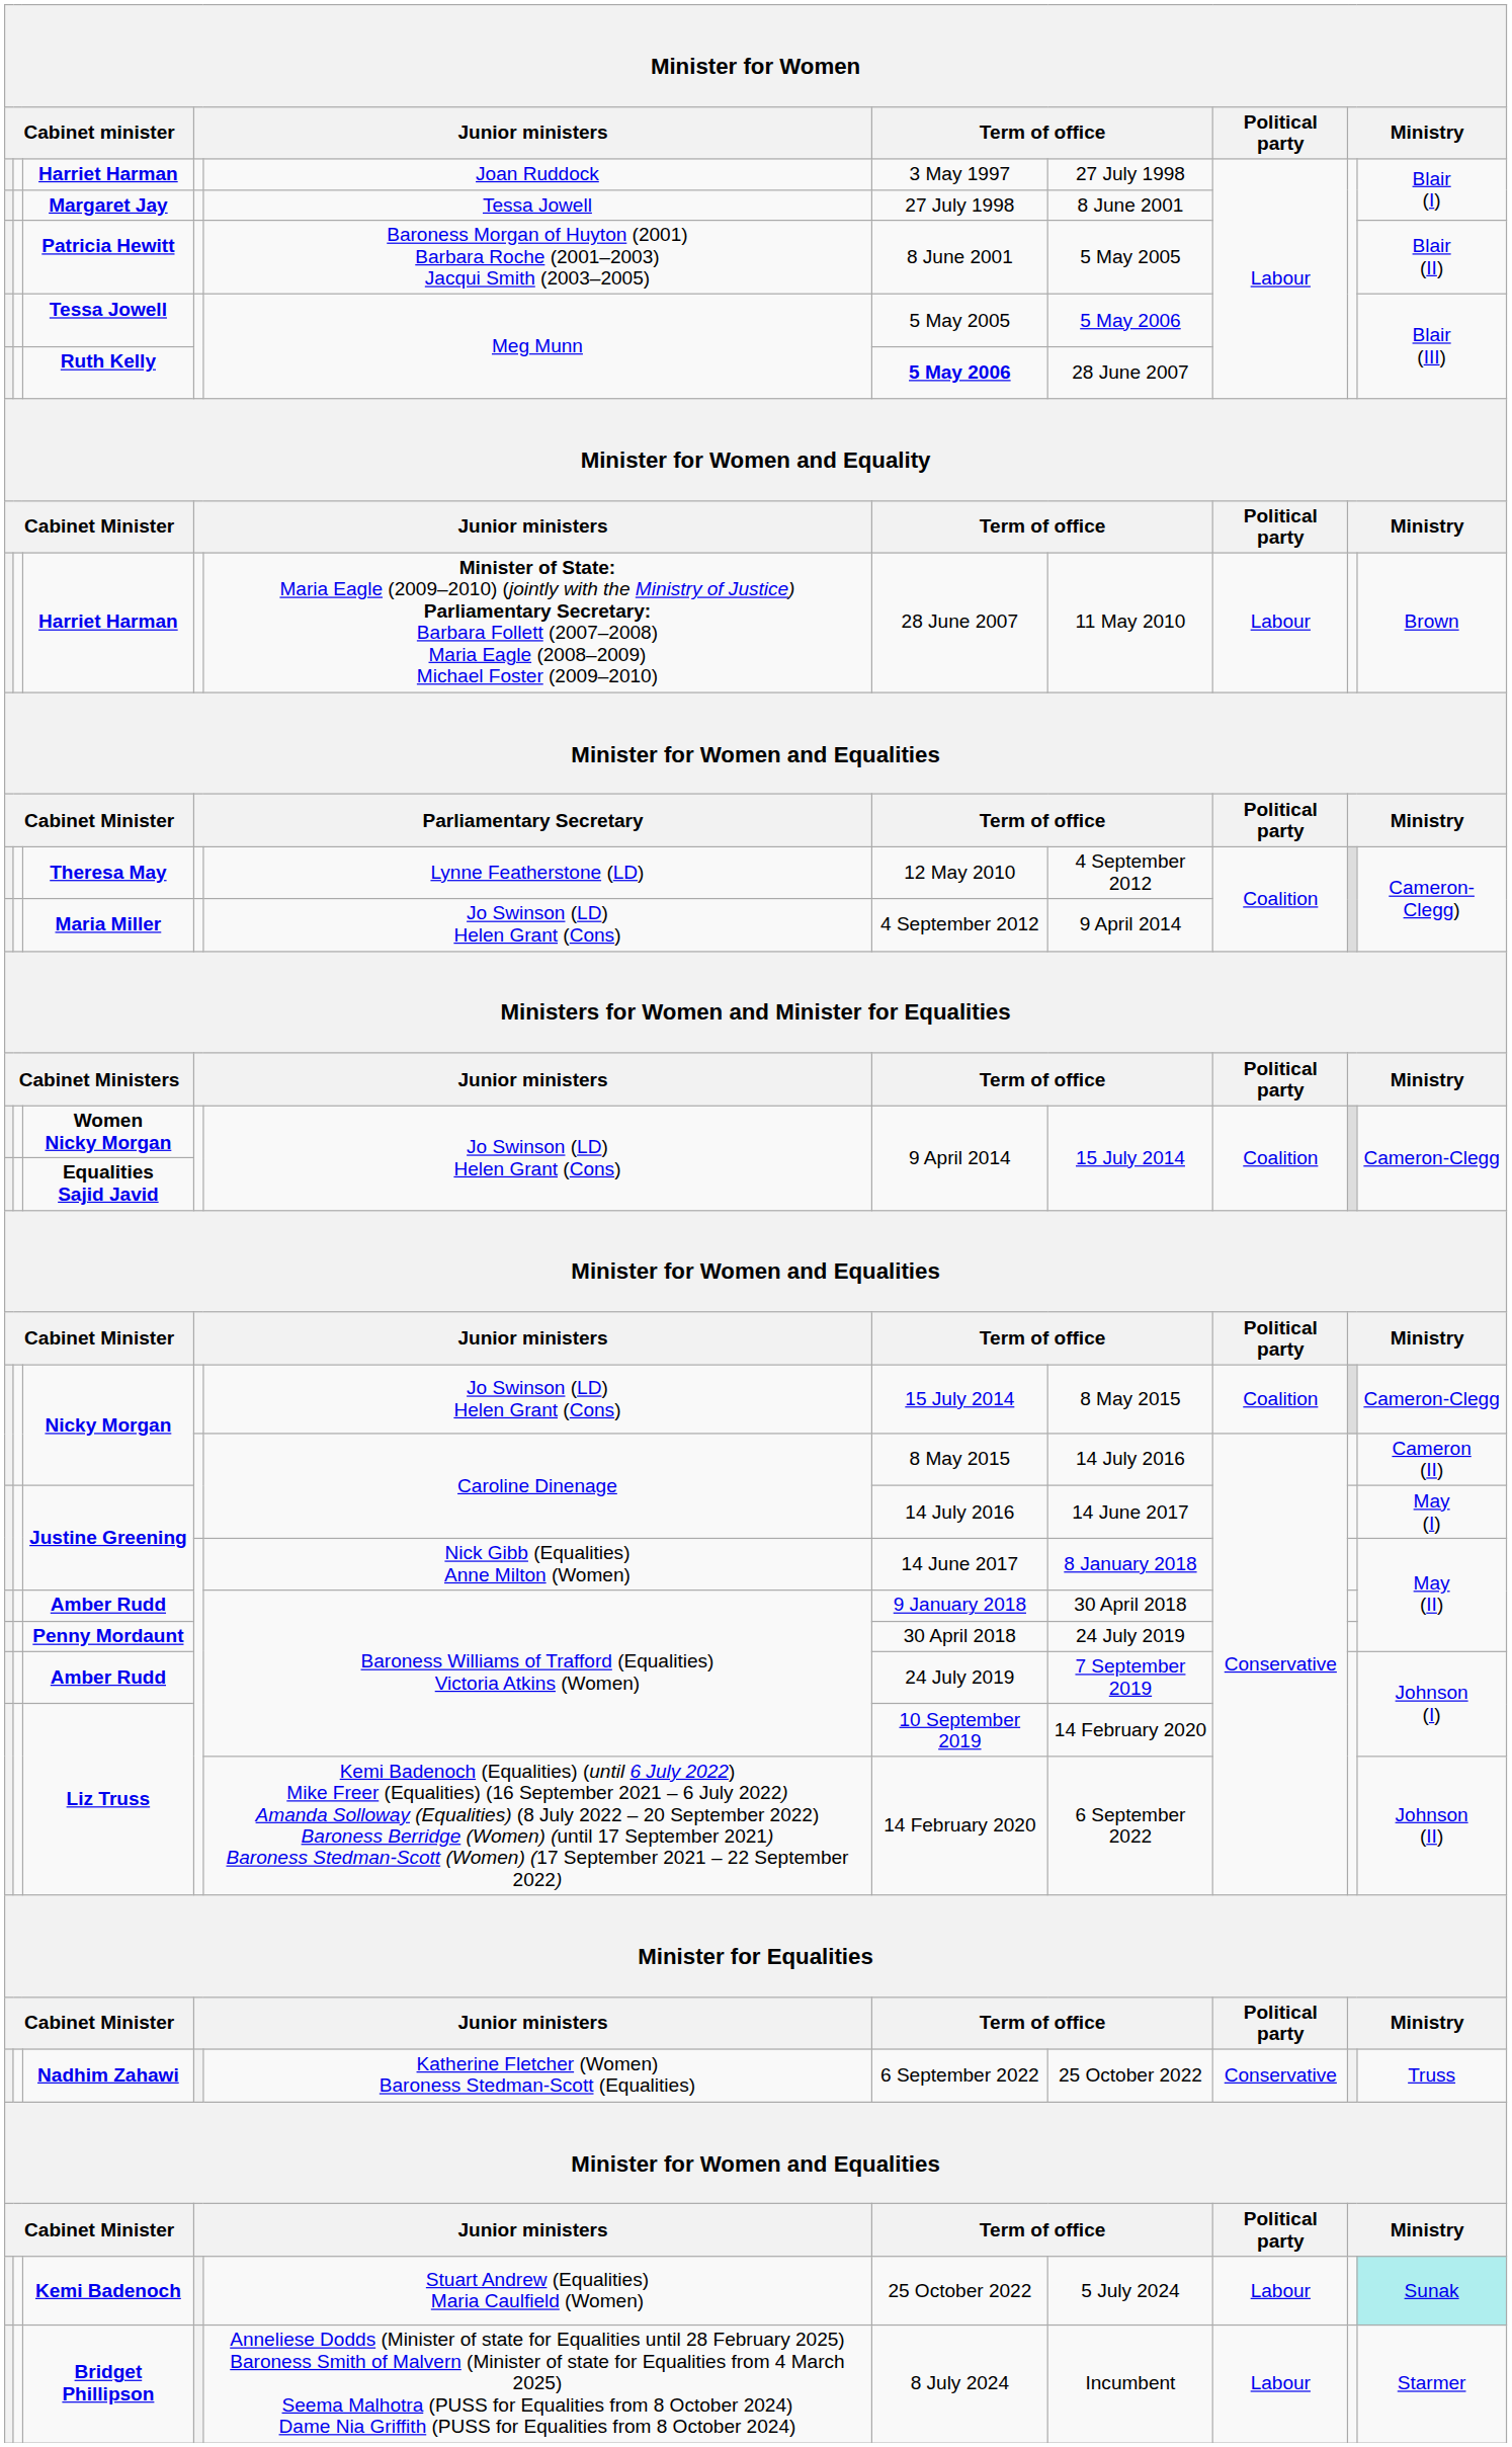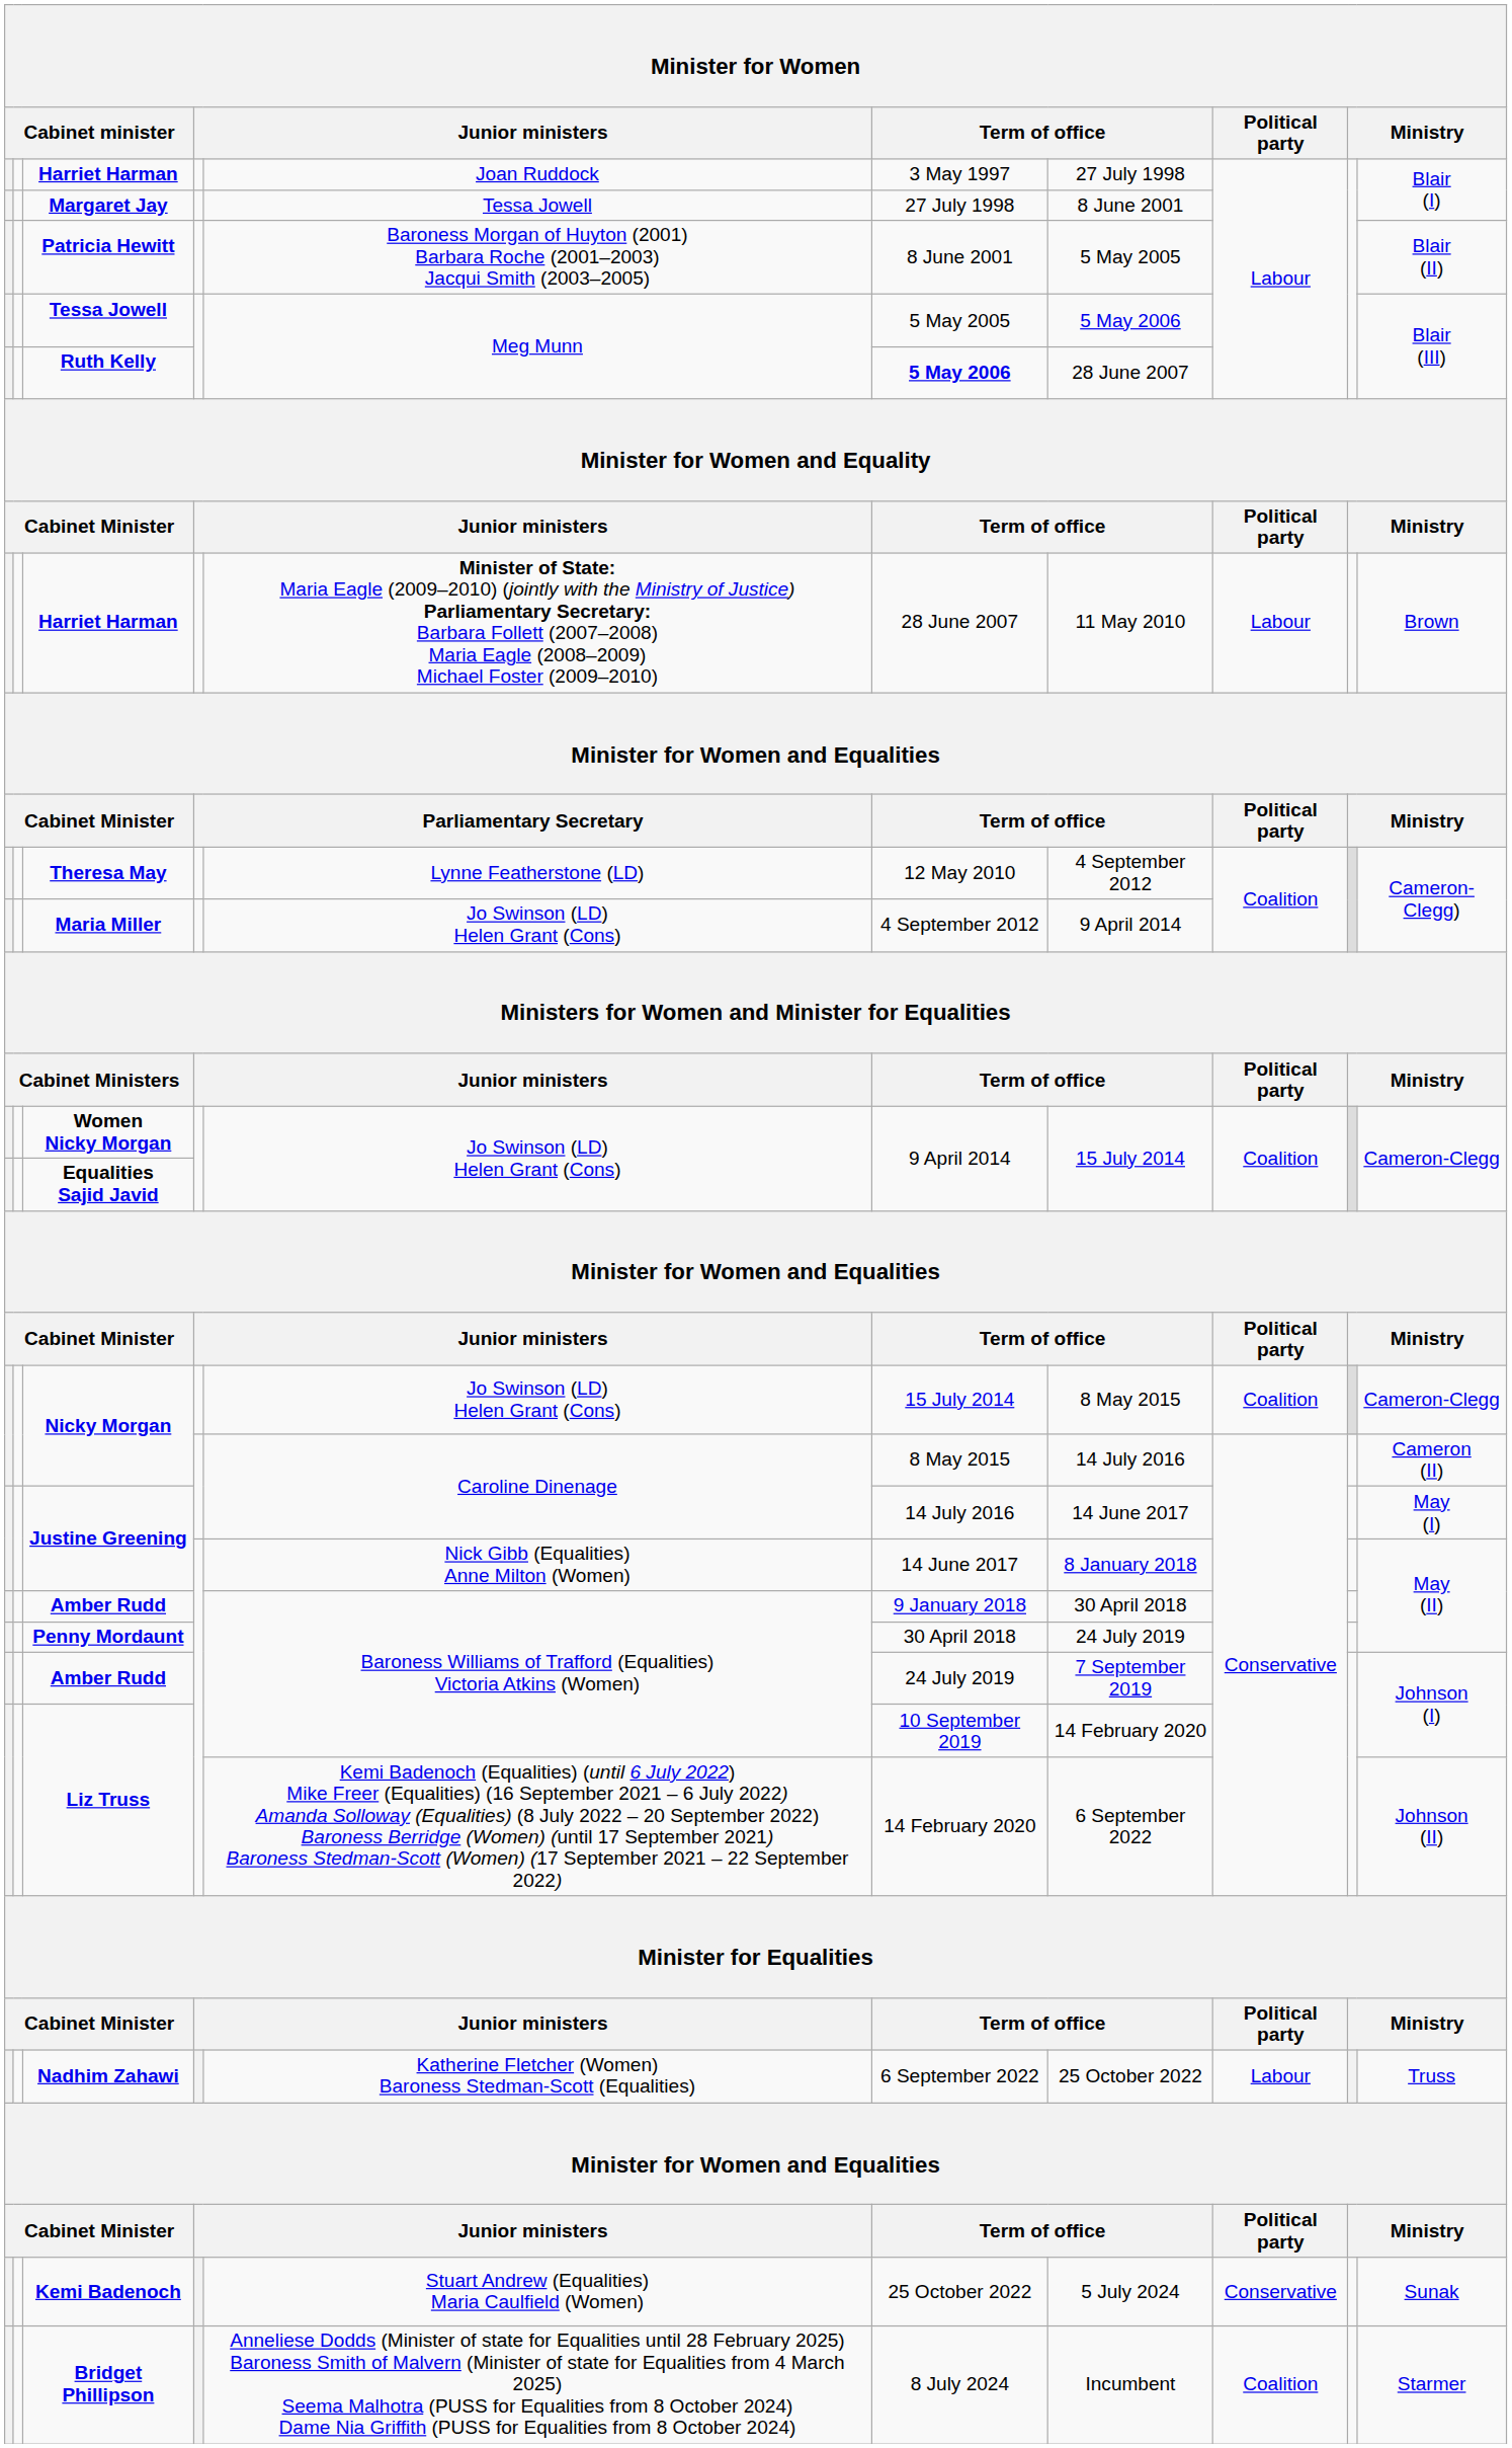 <table class="wikitable" style="text-align:center">
 <tr>
 <th colspan=10><br><h3>Minister for Women</h3></th>
 </tr>
 <tr style="height:1em">
 <th colspan=3>Cabinet minister</th>
 <th colspan=2>Junior ministers</th>
 <th colspan=2>Term of office</th>
 <th>Political party</th>
 <th colspan=2>Ministry</th>
 </tr>
 <tr style="height:1em">
 <th style="background-color:"></th>
 <td></td>
 <td><strong><a href='#'>Harriet Harman</a></strong><br></td>
 <td style="background-color:"></td>
 <td><a href='#'>Joan Ruddock</a></td>
 <td>3 May 1997</td>
 <td>27 July 1998</td>
 <td rowspan=5><a href='#'>Labour</a></td>
 <td rowspan=5 style="background-color:"></td>
 <td rowspan=2><a href='#'>Blair</a><br>(<a href='#'>I</a>)</td>
 </tr>
 <tr style="height:1em">
 <th style="background-color:"></th>
 <td></td>
 <td><strong><a href='#'>Margaret Jay</a></strong><br></td>
 <td style="background-color:"></td>
 <td><a href='#'>Tessa Jowell</a></td>
 <td>27 July 1998</td>
 <td>8 June 2001</td>
 </tr>
 <tr style="height:1em">
 <th style="background-color:"></th>
 <td></td>
 <td><strong><a href='#'>Patricia Hewitt</a></strong><br><br></td>
 <td style="background-color:"></td>
 <td><a href='#'>Baroness Morgan of Huyton</a> (2001)<br><a href='#'>Barbara Roche</a> (2001–2003)<br><a href='#'>Jacqui Smith</a> (2003–2005)</td>
 <td>8 June 2001</td>
 <td>5 May 2005</td>
 <td><a href='#'>Blair</a><br>(<a href='#'>II</a>)</td>
 </tr>
 <tr style="height:1em">
 <th style="background-color:"></th>
 <td></td>
 <td><strong><a href='#'>Tessa Jowell</a></strong><br><br></td>
 <td rowspan=2 style="background-color:"></td>
 <td rowspan=2><a href='#'>Meg Munn</a></td>
 <td>5 May 2005</td>
 <td><a href='#'>5 May 2006</a></td>
 <td rowspan=2><a href='#'>Blair</a><br>(<a href='#'>III</a>)</td>
 </tr>
 <tr style="height:1em">
 <th style="background-color:"></th>
 <td></td>
 <td><strong><a href='#'>Ruth Kelly</a></strong><br><br></td>
 <td><strong><a href='#'>5 May 2006</a></strong></td>
 <td>28 June 2007</td>
 </tr>
 <tr style="height:1em">
 <th colspan=10><br><h3>Minister for Women and Equality</h3></th>
 </tr>
 <tr style="height:1em">
 <th colspan=3>Cabinet Minister</th>
 <th colspan=2>Junior ministers</th>
 <th colspan=2>Term of office</th>
 <th>Political party</th>
 <th colspan=2>Ministry</th>
 </tr>
 <tr style="height:1em">
 <th style="background-color:"></th>
 <td></td>
 <td><strong><a href='#'>Harriet Harman</a></strong><br></td>
 <td style="background-color:"></td>
 <td><strong>Minister of State:</strong><br><a href='#'>Maria Eagle</a> (2009–2010) (<em>jointly with the <a href='#'>Ministry of Justice</a>)</em><br><strong>Parliamentary Secretary:</strong><br><a href='#'>Barbara Follett</a> (2007–2008)<br><a href='#'>Maria Eagle</a> (2008–2009)<br><a href='#'>Michael Foster</a> (2009–2010)</td>
 <td>28 June 2007</td>
 <td>11 May 2010</td>
 <td><a href='#'>Labour</a></td>
 <td style="background-color:"></td>
 <td><a href='#'>Brown</a></td>
 </tr>
 <tr style="height:1em">
 <th colspan=10><br><h3>Minister for Women and Equalities</h3></th>
 </tr>
 <tr style="height:1em">
 <th colspan=3>Cabinet Minister</th>
 <th colspan=2>Parliamentary Secretary</th>
 <th colspan=2>Term of office</th>
 <th>Political party</th>
 <th colspan=2>Ministry</th>
 </tr>
 <tr style="height:1em">
 <th style="background-color:"></th>
 <td></td>
 <td><strong><a href='#'>Theresa May</a></strong><br></td>
 <td style="background-color:"></td>
 <td><a href='#'>Lynne Featherstone</a> (<a href='#'>LD</a>)</td>
 <td>12 May 2010</td>
 <td>4 September 2012</td>
 <td rowspan=2><a href='#'>Coalition</a><br><em></em></td>
 <td rowspan=2 style="background-color:#ddd"></td>
 <td rowspan=2><a href='#'>Cameron-Clegg</a>)</td>
 </tr>
 <tr style="height:1em">
 <th style="background-color:"></th>
 <td></td>
 <td><strong><a href='#'>Maria Miller</a></strong><br></td>
 <td style="background-color:"></td>
 <td><a href='#'>Jo Swinson</a> (<a href='#'>LD</a>)<br><a href='#'>Helen Grant</a> (<a href='#'>Cons</a>)</td>
 <td>4 September 2012</td>
 <td>9 April 2014</td>
 </tr>
 <tr style="height:1em">
 <th colspan=10><br><h3>Ministers for Women and Minister for Equalities</h3></th>
 </tr>
 <tr style="height:1em">
 <th colspan=3>Cabinet Ministers</th>
 <th colspan=2>Junior ministers</th>
 <th colspan=2>Term of office</th>
 <th>Political party</th>
 <th colspan=2>Ministry</th>
 </tr>
 <tr style="height:1em">
 <th style="background-color:"></th>
 <td></td>
 <td><strong>Women</strong><br><strong><a href='#'>Nicky Morgan</a></strong><br></td>
 <td rowspan=2 style="background-color:"></td>
 <td rowspan=2><a href='#'>Jo Swinson</a> (<a href='#'>LD</a>)<br><a href='#'>Helen Grant</a> (<a href='#'>Cons</a>)</td>
 <td rowspan=2>9 April 2014</td>
 <td rowspan=2><a href='#'>15 July 2014</a></td>
 <td rowspan=2><a href='#'>Coalition</a><br><em></em></td>
 <td rowspan=2 style="background-color:#ddd"></td>
 <td rowspan=2><a href='#'>Cameron-Clegg</a></td>
 </tr>
 <tr style="height:1em">
 <th style="background-color:"></th>
 <td></td>
 <td><strong>Equalities</strong><br><strong><a href='#'>Sajid Javid</a></strong><br></td>
 </tr>
 <tr style="height:1em">
 <th colspan=10><br><h3>Minister for Women and Equalities</h3></th>
 </tr>
 <tr style="height:1em">
 <th colspan=3>Cabinet Minister</th>
 <th colspan=2>Junior ministers</th>
 <th colspan=2>Term of office</th>
 <th>Political party</th>
 <th colspan=2>Ministry</th>
 </tr>
 <tr style="height:1em">
 <th rowspan=2 style="background-color:"></th>
 <td rowspan=2></td>
 <td rowspan=2><strong><a href='#'>Nicky Morgan</a></strong><br></td>
 <td style="background-color:"></td>
 <td><a href='#'>Jo Swinson</a> (<a href='#'>LD</a>)<br><a href='#'>Helen Grant</a> (<a href='#'>Cons</a>)</td>
 <td height=50><a href='#'>15 July 2014</a></td>
 <td>8 May 2015</td>
 <td><a href='#'>Coalition</a><br><em></em></td>
 <td style="background-color:#ddd"></td>
 <td><a href='#'>Cameron-Clegg</a></td>
 </tr>
 <tr style="height:1em">
 <td rowspan=2 style="background-color:"></td>
 <td rowspan=2><a href='#'>Caroline Dinenage</a></td>
 <td>8 May 2015</td>
 <td>14 July 2016</td>
 <td rowspan=8><a href='#'>Conservative</a></td>
 <td style="background-color:"></td>
 <td><a href='#'>Cameron</a><br>(<a href='#'>II</a>)</td>
 </tr>
 <tr style="height:1em">
 <th rowspan=2 style="background-color:"></th>
 <td rowspan=2></td>
 <td rowspan=2><strong><a href='#'>Justine Greening</a></strong><br></td>
 <td>14 July 2016</td>
 <td>14 June 2017</td>
 <td style="background-color:"></td>
 <td><a href='#'>May</a><br>(<a href='#'>I</a>)</td>
 </tr>
 <tr style="height:1em">
 <td rowspan=6 style="background-color:"></td>
 <td><a href='#'>Nick Gibb</a> (Equalities)<br><a href='#'>Anne Milton</a> (Women)</td>
 <td>14 June 2017</td>
 <td><a href='#'>8 January 2018</a></td>
 <td style="background-color:"></td>
 <td rowspan=3><a href='#'>May</a><br>(<a href='#'>II</a>)</td>
 </tr>
 <tr style="height:1em">
 <th style="background-color:"></th>
 <td></td>
 <td><strong><a href='#'>Amber Rudd</a></strong><br></td>
 <td rowspan=4><a href='#'>Baroness Williams of Trafford</a> (Equalities)<br><a href='#'>Victoria Atkins</a> (Women)</td>
 <td><a href='#'>9 January 2018</a></td>
 <td>30 April 2018</td>
 <td style="background-color:"></td>
 </tr>
 <tr style="height:1em">
 <th style="background-color:"></th>
 <td></td>
 <td><strong><a href='#'>Penny Mordaunt</a></strong><br></td>
 <td>30 April 2018</td>
 <td>24 July 2019</td>
 <td style="background-color:"></td>
 </tr>
 <tr style="height:1em">
 <th style="background-color:"></th>
 <td></td>
 <td><strong><a href='#'>Amber Rudd</a></strong><br></td>
 <td>24 July 2019</td>
 <td><a href='#'>7 September 2019</a></td>
 <td rowspan=3 style="background-color:"></td>
 <td rowspan=2><a href='#'>Johnson</a><br>(<a href='#'>I</a>)</td>
 </tr>
 <tr style="height:1em">
 <th rowspan=2 style="background-color:"></th>
 <td rowspan=2></td>
 <td rowspan=2><strong><a href='#'>Liz Truss</a></strong><br></td>
 <td><a href='#'>10 September 2019</a></td>
 <td>14 February 2020</td>
 </tr>
 <tr style="height:1em">
 <td><a href='#'>Kemi Badenoch</a> (Equalities) (<em>until <a href='#'>6 July 2022</a></em>)<br><a href='#'>Mike Freer</a> (Equalities) (16 September 2021 – 6 July 2022<em>)<br><a href='#'>Amanda Solloway</a> (Equalities) </em>(8 July 2022 – 20 September 2022)<em><br><a href='#'>Baroness Berridge</a> (Women) (</em>until 17 September 2021<em>)<br><a href='#'>Baroness Stedman-Scott</a> (Women) (</em>17 September 2021 – 22 September 2022<em>)</td>
 <td>14 February 2020</td>
 <td>6 September 2022</td>
 <td><a href='#'>Johnson</a><br>(<a href='#'>II</a>)</td>
 </tr>
 <tr style="height:1em">
 <th colspan=10><br><h3>Minister for Equalities</h3></th>
 </tr>
 <tr style="height:1em">
 <th colspan=3>Cabinet Minister</th>
 <th colspan=2>Junior ministers</th>
 <th colspan=2>Term of office</th>
 <th>Political party</th>
 <th colspan=2>Ministry</th>
 </tr>
 <tr style="height:1em">
 <th rowspan=1 style="background-color:"></th>
 <td></td>
 <td><strong><a href='#'>Nadhim Zahawi</a></strong><br></td>
 <th style="background-color:"></th>
 <td><a href='#'>Katherine Fletcher</a> (Women)<br><a href='#'>Baroness Stedman-Scott</a> (Equalities)</td>
 <td>6 September 2022</td>
 <td>25 October 2022</td>
-<td><a href='#'>Conservative</a></td>
+<td><a href='#'>Labour</a></td>
 <th style="background-color:"></th>
 <td><a href='#'>Truss</a></td>
 </tr>
 <tr style="height:1em">
 <th colspan=10><br><h3>Minister for Women and Equalities</h3></th>
 </tr>
 <tr style="height:1em">
 <th colspan=3>Cabinet Minister</th>
 <th colspan=2>Junior ministers</th>
 <th colspan=2>Term of office</th>
 <th>Political party</th>
 <th colspan=2>Ministry</th>
 </tr>
 <tr style="height:1em">
 <th style="background-color:"></th>
 <td></td>
 <td><strong><a href='#'>Kemi Badenoch</a></strong><br></td>
 <th style="background-color:"></th>
 <td><a href='#'>Stuart Andrew</a> (Equalities)<br><a href='#'>Maria Caulfield</a> (Women)</td>
 <td height=50>25 October 2022</td>
 <td>5 July 2024</td>
-<td><a href='#'>Labour</a></td>
+<td><a href='#'>Conservative</a></td>
 <td style="background-color:"></td>
-<td style="background: paleturquoise;"><a href='#'>Sunak</a></td>
+<td><a href='#'>Sunak</a></td>
 </tr>
 <tr style="height:1em">
 <th style="background-color:"></th>
 <td></td>
 <td><strong><a href='#'>Bridget Phillipson</a></strong><br></td>
 <th style="background-color:"></th>
 <td><a href='#'>Anneliese Dodds</a> (Minister of state for Equalities until 28 February 2025)<br><a href='#'>Baroness Smith of Malvern</a> (Minister of state for Equalities from 4 March 2025)<br><a href='#'>Seema Malhotra</a> (PUSS for Equalities from 8 October 2024)<br><a href='#'>Dame Nia Griffith</a> (PUSS for Equalities from 8 October 2024)</td>
 <td height=50>8 July 2024</td>
 <td>Incumbent</td>
-<td><a href='#'>Labour</a></td>
+<td><a href='#'>Coalition</a><br><em></em></td>
 <td style="background-color:"></td>
 <td><a href='#'>Starmer</a></td>
 </tr>
 </table>
